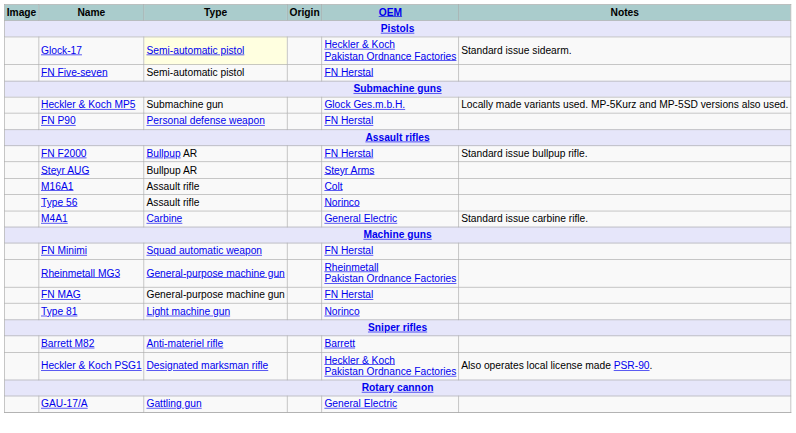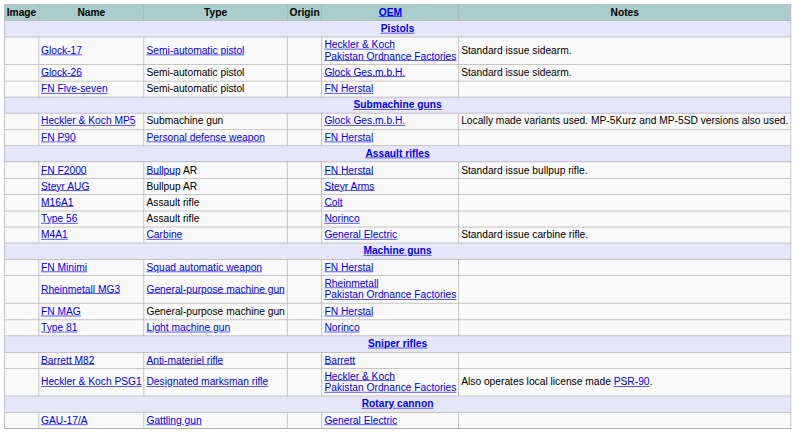 <table class="wikitable">
 <tr>
 <th style="text-align:center; background:#acc;">Image</th>
 <th style="text-align:center; background:#acc;">Name</th>
 <th style="text-align:center; background:#acc;">Type</th>
 <th style="text-align:center; background:#acc;">Origin</th>
 <th style="text-align:center; background:#acc;"><a href='#'>OEM</a></th>
 <th style="text-align:center; background:#acc;">Notes</th>
 </tr>
 <tr>
 <th colspan="6" style="align: center; background: lavender;"><a href='#'>Pistols</a></th>
 </tr>
 <tr>
 <td></td>
 <td><a href='#'>Glock-17</a></td>
-<td style="background: lightyellow;"><a href='#'>Semi-automatic pistol</a></td>
+<td><a href='#'>Semi-automatic pistol</a></td>
 <td></td>
 <td><a href='#'>Heckler & Koch</a><br><a href='#'>Pakistan Ordnance Factories</a></td>
+<td>Standard issue sidearm.</td>
+</tr>
+<tr>
+<td></td>
+<td><a href='#'>Glock-26</a></td>
+<td>Semi-automatic pistol</td>
+<td></td>
+<td><a href='#'>Glock Ges.m.b.H.</a></td>
 <td>Standard issue sidearm.</td>
 </tr>
 <tr>
 <td></td>
 <td><a href='#'>FN Five-seven</a></td>
 <td>Semi-automatic pistol</td>
 <td></td>
 <td><a href='#'>FN Herstal</a></td>
 <td></td>
 </tr>
 <tr>
 <th colspan="6" style="align: center; background: lavender;"><a href='#'>Submachine guns</a></th>
 </tr>
 <tr>
 <td></td>
 <td><a href='#'>Heckler & Koch MP5</a></td>
 <td>Submachine gun</td>
 <td></td>
 <td><a href='#'>Glock Ges.m.b.H.</a></td>
 <td>Locally made variants used. MP-5Kurz and MP-5SD versions also used.</td>
 </tr>
 <tr>
 <td></td>
 <td><a href='#'>FN P90</a></td>
 <td><a href='#'>Personal defense weapon</a></td>
 <td></td>
 <td><a href='#'>FN Herstal</a></td>
 <td></td>
 </tr>
 <tr>
 <th colspan="6" style="align: center; background: lavender;"><a href='#'>Assault rifles</a></th>
 </tr>
 <tr>
 <td></td>
 <td><a href='#'>FN F2000</a></td>
 <td><a href='#'>Bullpup</a> AR</td>
 <td></td>
 <td><a href='#'>FN Herstal</a></td>
 <td>Standard issue bullpup rifle.</td>
 </tr>
 <tr>
 <td></td>
 <td><a href='#'>Steyr AUG</a></td>
 <td>Bullpup AR</td>
 <td></td>
 <td><a href='#'>Steyr Arms</a></td>
 <td></td>
 </tr>
 <tr>
 <td></td>
 <td><a href='#'>M16A1</a></td>
 <td>Assault rifle</td>
 <td></td>
 <td><a href='#'>Colt</a></td>
 <td></td>
 </tr>
 <tr>
 <td></td>
 <td><a href='#'>Type 56</a></td>
 <td>Assault rifle</td>
 <td></td>
 <td><a href='#'>Norinco</a></td>
 <td></td>
 </tr>
 <tr>
 <td></td>
 <td><a href='#'>M4A1</a></td>
 <td><a href='#'>Carbine</a></td>
 <td></td>
 <td><a href='#'>General Electric</a></td>
 <td>Standard issue carbine rifle.</td>
 </tr>
 <tr>
 <th colspan="6" style="align: center; background: lavender;"><a href='#'>Machine guns</a></th>
 </tr>
 <tr>
 <td></td>
 <td><a href='#'>FN Minimi</a></td>
 <td><a href='#'>Squad automatic weapon</a></td>
 <td></td>
 <td><a href='#'>FN Herstal</a></td>
 <td></td>
 </tr>
 <tr>
 <td></td>
 <td><a href='#'>Rheinmetall MG3</a></td>
 <td><a href='#'>General-purpose machine gun</a></td>
 <td></td>
 <td><a href='#'>Rheinmetall</a><br><a href='#'>Pakistan Ordnance Factories</a></td>
 <td></td>
 </tr>
 <tr>
 <td></td>
 <td><a href='#'>FN MAG</a></td>
 <td>General-purpose machine gun</td>
 <td></td>
 <td><a href='#'>FN Herstal</a></td>
 <td></td>
 </tr>
 <tr>
 <td></td>
 <td><a href='#'>Type 81</a></td>
 <td><a href='#'>Light machine gun</a></td>
 <td></td>
 <td><a href='#'>Norinco</a></td>
 <td></td>
 </tr>
 <tr>
 <th colspan="6" style="align: center; background: lavender;"><a href='#'>Sniper rifles</a></th>
 </tr>
 <tr>
 <td></td>
 <td><a href='#'>Barrett M82</a></td>
 <td><a href='#'>Anti-materiel rifle</a></td>
 <td></td>
 <td><a href='#'>Barrett</a></td>
 <td></td>
 </tr>
 <tr>
 <td></td>
 <td><a href='#'>Heckler & Koch PSG1</a></td>
 <td><a href='#'>Designated marksman rifle</a></td>
 <td></td>
 <td><a href='#'>Heckler & Koch</a><br><a href='#'>Pakistan Ordnance Factories</a></td>
 <td>Also operates local license made <a href='#'>PSR-90</a>.</td>
 </tr>
 <tr>
 <th colspan="6" style="align: center; background: lavender;"><a href='#'>Rotary cannon</a></th>
 </tr>
 <tr>
 <td></td>
 <td><a href='#'>GAU-17/A</a></td>
 <td><a href='#'>Gattling gun</a></td>
 <td></td>
 <td><a href='#'>General Electric</a></td>
 <td></td>
 </tr>
 <tr>
 </tr>
 </table>
